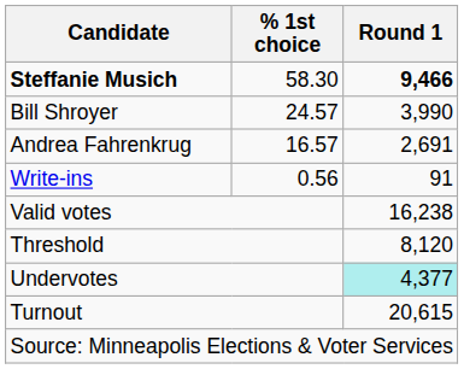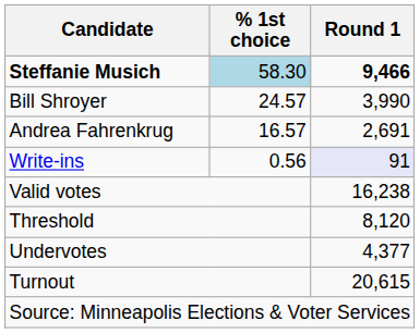 <table class="wikitable">
 <tr>
 <th style="width:165px">Candidate</th>
 <th>% 1st<br>choice</th>
 <th style="width:80px">Round 1</th>
 </tr>
 <tr>
 <td><strong>Steffanie Musich</strong></td>
-<td align="right">58.30</td>
+<td align="right" style="background: lightblue;">58.30</td>
 <td align="right"><strong>9,466</strong></td>
 </tr>
 <tr>
 <td>Bill Shroyer</td>
 <td align="right">24.57</td>
 <td align="right">3,990</td>
 </tr>
 <tr>
 <td>Andrea Fahrenkrug</td>
 <td align="right">16.57</td>
 <td align="right">2,691</td>
 </tr>
 <tr>
 <td><a href='#'>Write-ins</a></td>
 <td align="right">0.56</td>
-<td align="right">91</td>
+<td align="right" style="background: lavender;">91</td>
 </tr>
 <tr>
 <td colspan="2">Valid votes</td>
 <td align="right">16,238</td>
 </tr>
 <tr>
 <td colspan="2">Threshold</td>
 <td align="right">8,120</td>
 </tr>
 <tr>
 <td colspan="2">Undervotes</td>
-<td align="right" style="background: paleturquoise;">4,377</td>
+<td align="right">4,377</td>
 </tr>
 <tr>
 <td colspan="2">Turnout</td>
 <td align="right">20,615</td>
 </tr>
 <tr>
 <td colspan="3">Source: Minneapolis Elections & Voter Services</td>
 </tr>
 </table>
